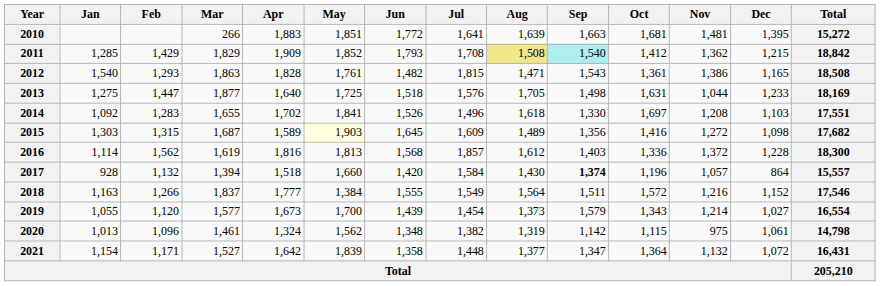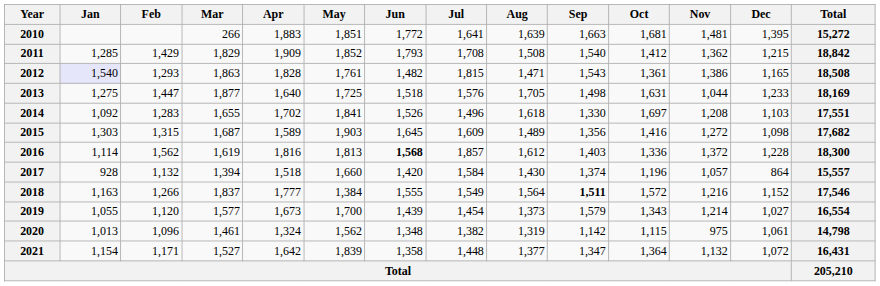 <table class=wikitable style="text-align:right; font-size:0.9em; width:1050px;">
 <tr>
 <th>Year</th>
 <th>Jan</th>
 <th>Feb</th>
 <th>Mar</th>
 <th>Apr</th>
 <th>May</th>
 <th>Jun</th>
 <th>Jul</th>
 <th>Aug</th>
 <th>Sep</th>
 <th>Oct</th>
 <th>Nov</th>
 <th>Dec</th>
 <th>Total</th>
 </tr>
 <tr>
 <th>2010</th>
 <td></td>
 <td></td>
 <td>266</td>
 <td>1,883</td>
 <td>1,851</td>
 <td>1,772</td>
 <td>1,641</td>
 <td>1,639</td>
 <td>1,663</td>
 <td>1,681</td>
 <td>1,481</td>
 <td>1,395</td>
 <th>15,272</th>
 </tr>
 <tr>
 <th>2011</th>
 <td>1,285</td>
 <td>1,429</td>
 <td>1,829</td>
 <td>1,909</td>
 <td>1,852</td>
 <td>1,793</td>
 <td>1,708</td>
-<td style="background: khaki;">1,508</td>
-<td style="background: paleturquoise;">1,540</td>
+<td>1,508</td>
+<td>1,540</td>
 <td>1,412</td>
 <td>1,362</td>
 <td>1,215</td>
 <th>18,842</th>
 </tr>
 <tr>
 <th>2012</th>
-<td>1,540</td>
+<td style="background: lavender;">1,540</td>
 <td>1,293</td>
 <td>1,863</td>
 <td>1,828</td>
 <td>1,761</td>
 <td>1,482</td>
 <td>1,815</td>
 <td>1,471</td>
 <td>1,543</td>
 <td>1,361</td>
 <td>1,386</td>
 <td>1,165</td>
 <th>18,508</th>
 </tr>
 <tr>
 <th>2013</th>
 <td>1,275</td>
 <td>1,447</td>
 <td>1,877</td>
 <td>1,640</td>
 <td>1,725</td>
 <td>1,518</td>
 <td>1,576</td>
 <td>1,705</td>
 <td>1,498</td>
 <td>1,631</td>
 <td>1,044</td>
 <td>1,233</td>
 <th>18,169</th>
 </tr>
 <tr>
 <th>2014</th>
 <td>1,092</td>
 <td>1,283</td>
 <td>1,655</td>
 <td>1,702</td>
 <td>1,841</td>
 <td>1,526</td>
 <td>1,496</td>
 <td>1,618</td>
 <td>1,330</td>
 <td>1,697</td>
 <td>1,208</td>
 <td>1,103</td>
 <th>17,551</th>
 </tr>
 <tr>
 <th>2015</th>
 <td>1,303</td>
 <td>1,315</td>
 <td>1,687</td>
 <td>1,589</td>
-<td style="background: lightyellow;">1,903</td>
+<td>1,903</td>
 <td>1,645</td>
 <td>1,609</td>
 <td>1,489</td>
 <td>1,356</td>
 <td>1,416</td>
 <td>1,272</td>
 <td>1,098</td>
 <th>17,682</th>
 </tr>
 <tr>
 <th>2016</th>
 <td>1,114</td>
 <td>1,562</td>
 <td>1,619</td>
 <td>1,816</td>
 <td>1,813</td>
-<td>1,568</td>
+<td><strong>1,568</strong></td>
 <td>1,857</td>
 <td>1,612</td>
 <td>1,403</td>
 <td>1,336</td>
 <td>1,372</td>
 <td>1,228</td>
 <th>18,300</th>
 </tr>
 <tr>
 <th>2017</th>
 <td>928</td>
 <td>1,132</td>
 <td>1,394</td>
 <td>1,518</td>
 <td>1,660</td>
 <td>1,420</td>
 <td>1,584</td>
 <td>1,430</td>
-<td><strong>1,374</strong></td>
+<td>1,374</td>
 <td>1,196</td>
 <td>1,057</td>
 <td>864</td>
 <th>15,557</th>
 </tr>
 <tr>
 <th>2018</th>
 <td>1,163</td>
 <td>1,266</td>
 <td>1,837</td>
 <td>1,777</td>
 <td>1,384</td>
 <td>1,555</td>
 <td>1,549</td>
 <td>1,564</td>
-<td>1,511</td>
+<td><strong>1,511</strong></td>
 <td>1,572</td>
 <td>1,216</td>
 <td>1,152</td>
 <th>17,546</th>
 </tr>
 <tr>
 <th>2019</th>
 <td>1,055</td>
 <td>1,120</td>
 <td>1,577</td>
 <td>1,673</td>
 <td>1,700</td>
 <td>1,439</td>
 <td>1,454</td>
 <td>1,373</td>
 <td>1,579</td>
 <td>1,343</td>
 <td>1,214</td>
 <td>1,027</td>
 <th>16,554</th>
 </tr>
 <tr>
 <th>2020</th>
 <td>1,013</td>
 <td>1,096</td>
 <td>1,461</td>
 <td>1,324</td>
 <td>1,562</td>
 <td>1,348</td>
 <td>1,382</td>
 <td>1,319</td>
 <td>1,142</td>
 <td>1,115</td>
 <td>975</td>
 <td>1,061</td>
 <th>14,798</th>
 </tr>
 <tr>
 <th>2021</th>
 <td>1,154</td>
 <td>1,171</td>
 <td>1,527</td>
 <td>1,642</td>
 <td>1,839</td>
 <td>1,358</td>
 <td>1,448</td>
 <td>1,377</td>
 <td>1,347</td>
 <td>1,364</td>
 <td>1,132</td>
 <td>1,072</td>
 <th>16,431</th>
 </tr>
 <tr>
 <th colspan="13">Total</th>
 <th>205,210</th>
 </tr>
 </table>
